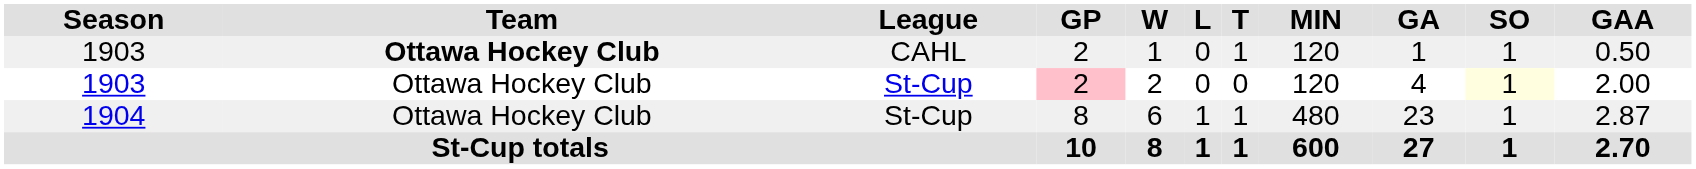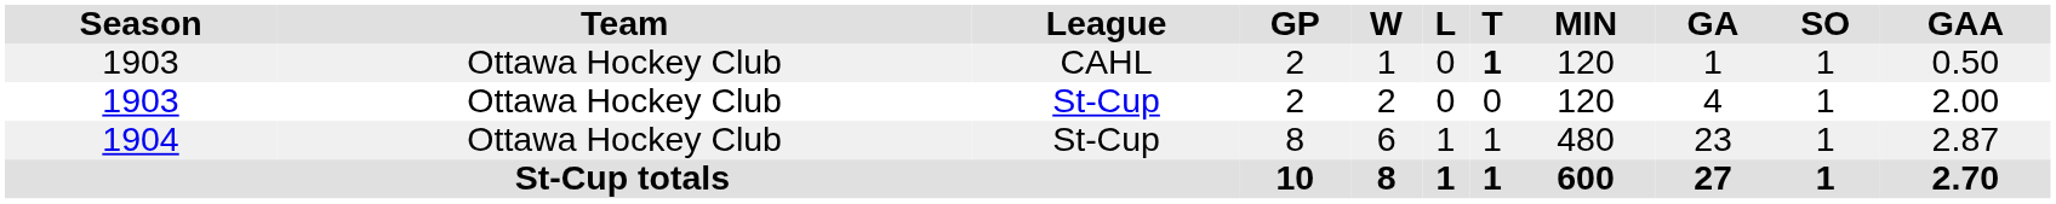 <table BORDER="0" CELLPADDING="0" CELLSPACING="0" width="75%">
 <tr bgcolor="#e0e0e0">
 <th colspan="3" bgcolor="#ffffff"></th>
 <th rowspan="99" bgcolor="#ffffff"></th>
 </tr>
 <tr bgcolor="#e0e0e0" ALIGN="center">
 <th>Season</th>
 <th>Team</th>
 <th>League</th>
 <th>GP</th>
 <th>W</th>
 <th>L</th>
 <th>T</th>
 <th>MIN</th>
 <th>GA</th>
 <th>SO</th>
 <th>GAA</th>
 </tr>
 <tr ALIGN="center" bgcolor="#f0f0f0">
 <td>1903</td>
-<td><strong>Ottawa Hockey Club</strong></td>
+<td>Ottawa Hockey Club</td>
 <td>CAHL</td>
 <td>2</td>
 <td>1</td>
 <td>0</td>
-<td>1</td>
+<td><strong>1</strong></td>
 <td>120</td>
 <td>1</td>
 <td>1</td>
 <td>0.50</td>
 </tr>
 <tr ALIGN="center">
 <td><a href='#'>1903</a></td>
 <td>Ottawa Hockey Club</td>
 <td><a href='#'>St-Cup</a></td>
-<td style="background: pink;">2</td>
+<td>2</td>
 <td>2</td>
 <td>0</td>
 <td>0</td>
 <td>120</td>
 <td>4</td>
-<td style="background: lightyellow;">1</td>
+<td>1</td>
 <td>2.00</td>
 </tr>
 <tr ALIGN="center" bgcolor="#f0f0f0">
 <td><a href='#'>1904</a></td>
 <td>Ottawa Hockey Club</td>
 <td>St-Cup</td>
 <td>8</td>
 <td>6</td>
 <td>1</td>
 <td>1</td>
 <td>480</td>
 <td>23</td>
 <td>1</td>
 <td>2.87</td>
 </tr>
 <tr bgcolor="#e0e0e0">
 <th colspan="3">St-Cup totals</th>
 <th>10</th>
 <th>8</th>
 <th>1</th>
 <th>1</th>
 <th>600</th>
 <th>27</th>
 <th>1</th>
 <th>2.70</th>
 </tr>
 </table>
